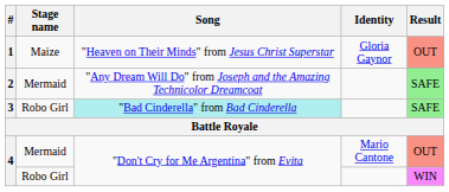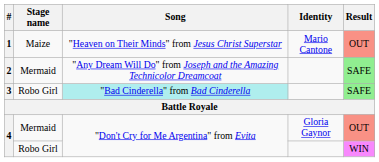 <table class="wikitable plainrowheaders" style="text-align: center;">
 <tr>
 <th>#</th>
 <th>Stage name</th>
 <th>Song</th>
 <th>Identity</th>
 <th>Result</th>
 </tr>
 <tr>
 <th>1</th>
 <td>Maize</td>
 <td>"<a href='#'>Heaven on Their Minds</a>" from <em><a href='#'>Jesus Christ Superstar</a></em></td>
-<td><a href='#'>Gloria Gaynor</a></td>
+<td><a href='#'>Mario Cantone</a></td>
 <td bgcolor=#F99185>OUT</td>
 </tr>
 <tr>
 <th>2</th>
 <td>Mermaid</td>
 <td>"<a href='#'>Any Dream Will Do</a>" from <em><a href='#'>Joseph and the Amazing Technicolor Dreamcoat</a></em></td>
 <td></td>
 <td bgcolor=lightgreen>SAFE</td>
 </tr>
 <tr>
 <th>3</th>
 <td>Robo Girl</td>
 <td style="background: paleturquoise;">"<a href='#'>Bad Cinderella</a>" from <em><a href='#'>Bad Cinderella</a></em></td>
 <td></td>
 <td bgcolor=lightgreen>SAFE</td>
 </tr>
 <tr>
 <th colspan=5>Battle Royale</th>
 </tr>
 <tr>
 <th rowspan=2>4</th>
 <td>Mermaid</td>
 <td rowspan=2>"<a href='#'>Don't Cry for Me Argentina</a>" from <em><a href='#'>Evita</a></em></td>
-<td><a href='#'>Mario Cantone</a></td>
+<td><a href='#'>Gloria Gaynor</a></td>
 <td bgcolor=#F99185>OUT</td>
 </tr>
 <tr>
 <td>Robo Girl</td>
 <td></td>
 <td bgcolor="#F888FD">WIN</td>
 </tr>
 </table>
